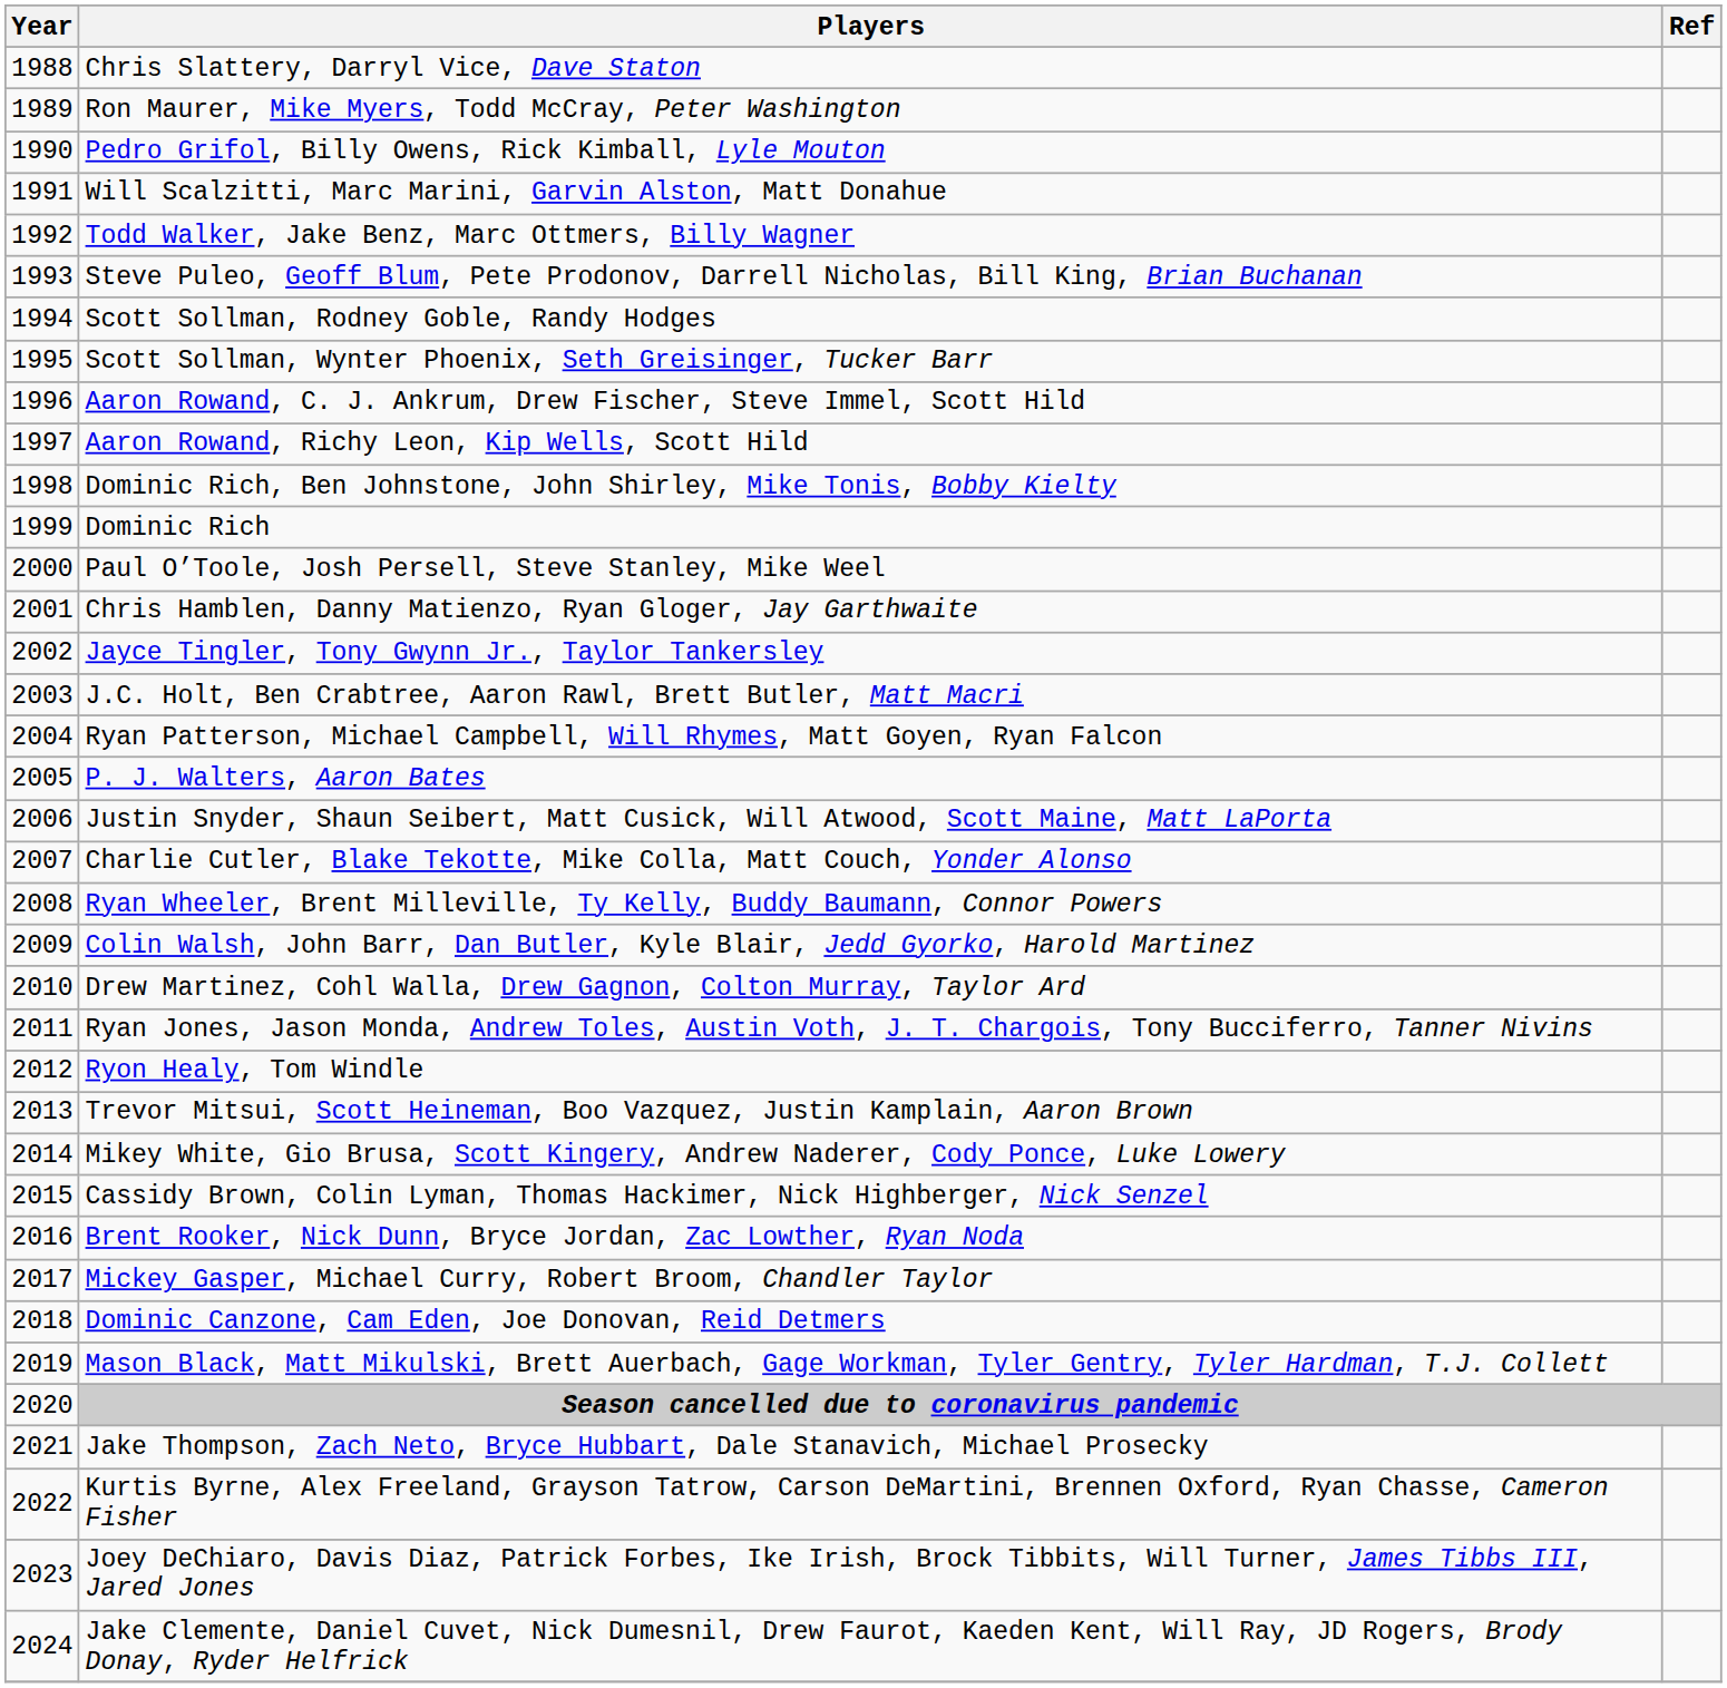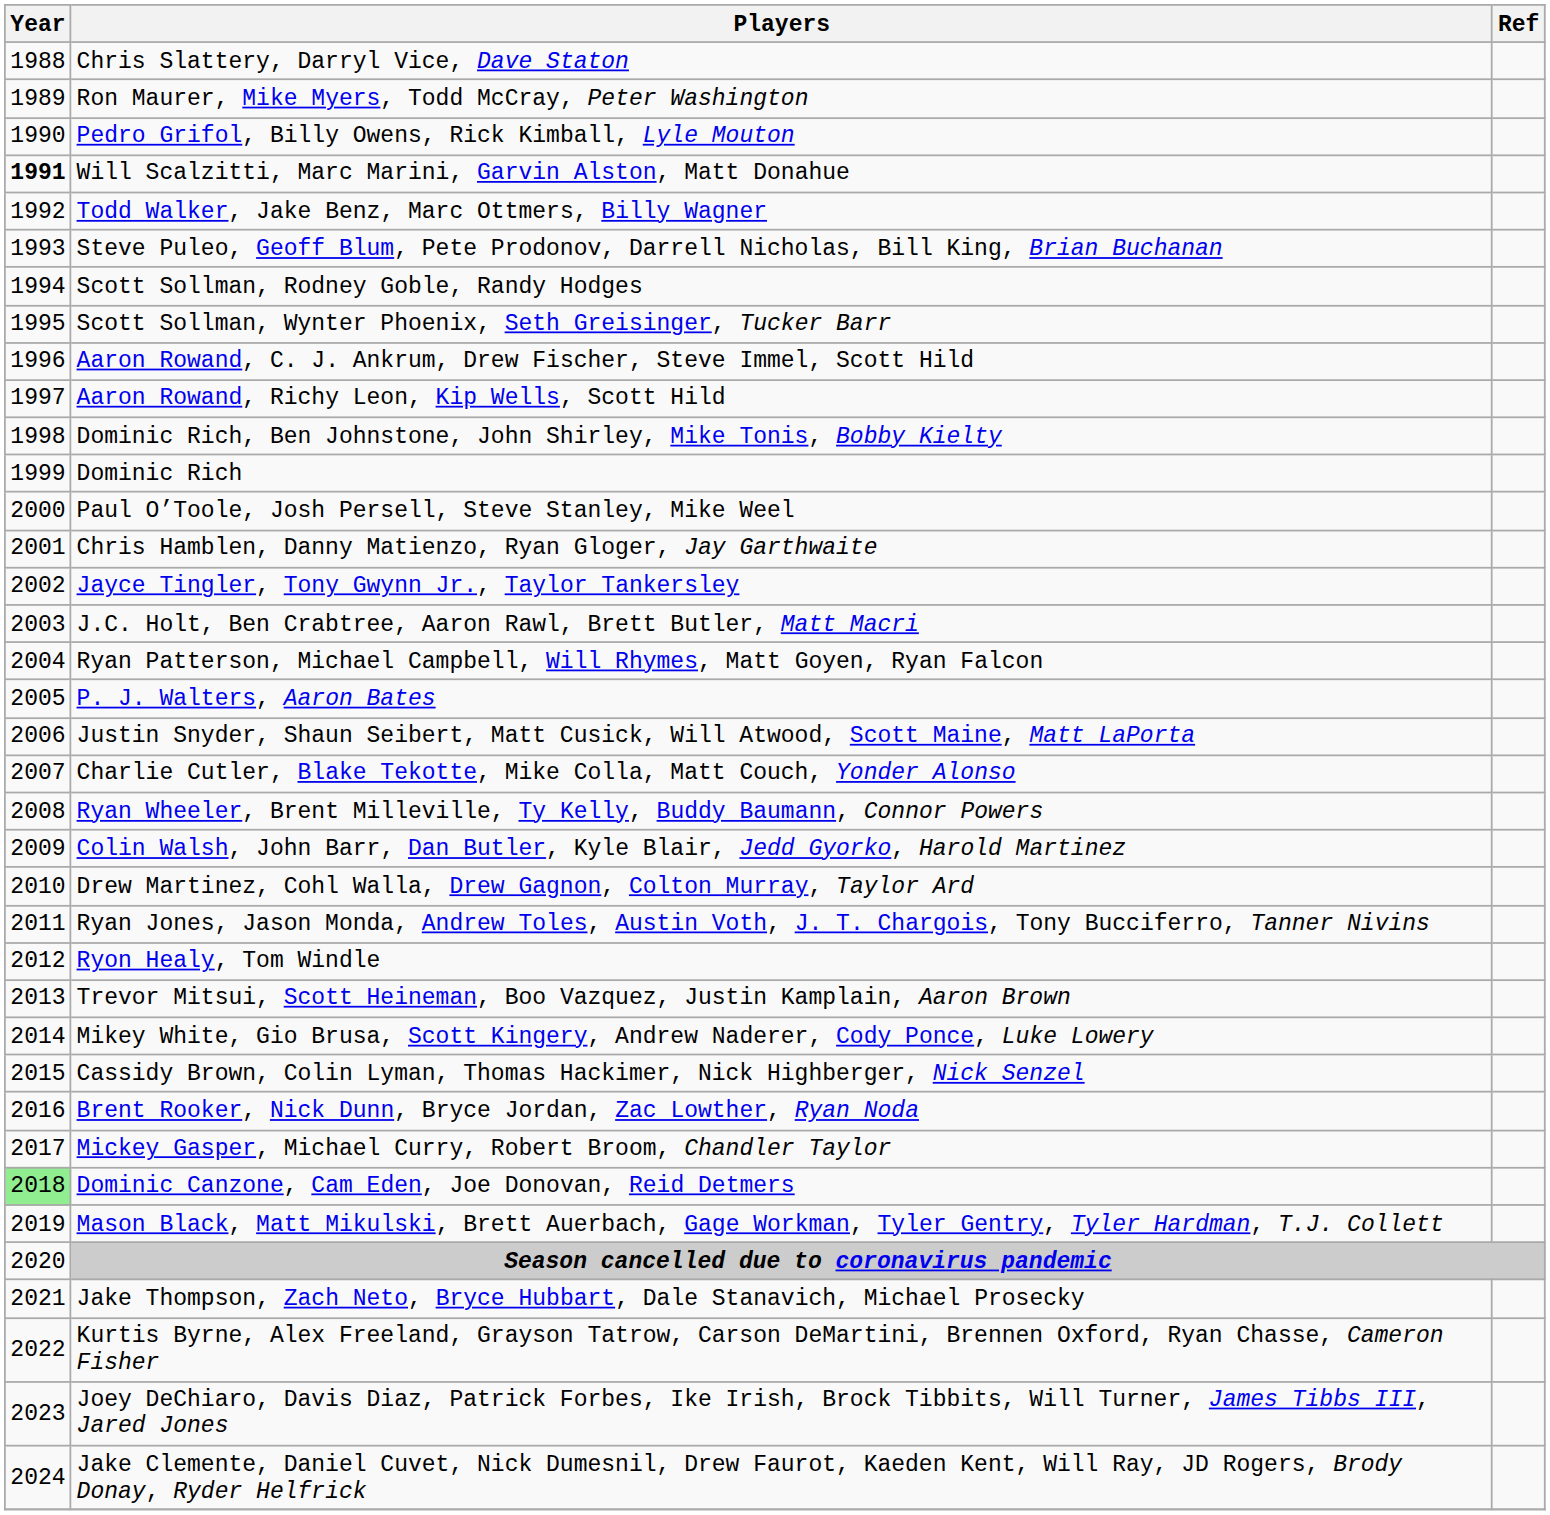 <table class="wikitable" style="text-align:center">
 <tr>
 <th scope="col">Year</th>
 <th scope="col">Players</th>
 <th scope="col">Ref</th>
 </tr>
 <tr>
 <td>1988</td>
 <td style="text-align:left">Chris Slattery, Darryl Vice, <em><a href='#'>Dave Staton</a></em></td>
 <td></td>
 </tr>
 <tr>
 <td>1989</td>
 <td style="text-align:left">Ron Maurer, <a href='#'>Mike Myers</a>, Todd McCray, <em>Peter Washington</em></td>
 <td></td>
 </tr>
 <tr>
 <td>1990</td>
 <td style="text-align:left"><a href='#'>Pedro Grifol</a>, Billy Owens, Rick Kimball, <em><a href='#'>Lyle Mouton</a></em></td>
 <td></td>
 </tr>
 <tr>
-<td>1991</td>
+<td><strong>1991</strong></td>
 <td style="text-align:left">Will Scalzitti, Marc Marini, <a href='#'>Garvin Alston</a>, Matt Donahue</td>
 <td></td>
 </tr>
 <tr>
 <td>1992</td>
 <td style="text-align:left"><a href='#'>Todd Walker</a>, Jake Benz, Marc Ottmers, <a href='#'>Billy Wagner</a></td>
 <td></td>
 </tr>
 <tr>
 <td>1993</td>
 <td style="text-align:left">Steve Puleo, <a href='#'>Geoff Blum</a>, Pete Prodonov, Darrell Nicholas, Bill King, <em><a href='#'>Brian Buchanan</a></em></td>
 <td></td>
 </tr>
 <tr>
 <td>1994</td>
 <td style="text-align:left">Scott Sollman, Rodney Goble, Randy Hodges</td>
 <td></td>
 </tr>
 <tr>
 <td>1995</td>
 <td style="text-align:left">Scott Sollman, Wynter Phoenix, <a href='#'>Seth Greisinger</a>, <em>Tucker Barr</em></td>
 <td></td>
 </tr>
 <tr>
 <td>1996</td>
 <td style="text-align:left"><a href='#'>Aaron Rowand</a>, C. J. Ankrum, Drew Fischer, Steve Immel, Scott Hild</td>
 <td></td>
 </tr>
 <tr>
 <td>1997</td>
 <td style="text-align:left"><a href='#'>Aaron Rowand</a>, Richy Leon, <a href='#'>Kip Wells</a>, Scott Hild</td>
 <td></td>
 </tr>
 <tr>
 <td>1998</td>
 <td style="text-align:left">Dominic Rich, Ben Johnstone, John Shirley, <a href='#'>Mike Tonis</a>, <em><a href='#'>Bobby Kielty</a></em></td>
 <td></td>
 </tr>
 <tr>
 <td>1999</td>
 <td style="text-align:left">Dominic Rich</td>
 <td></td>
 </tr>
 <tr>
 <td>2000</td>
 <td style="text-align:left">Paul O’Toole, Josh Persell, Steve Stanley, Mike Weel</td>
 <td></td>
 </tr>
 <tr>
 <td>2001</td>
 <td style="text-align:left">Chris Hamblen, Danny Matienzo, Ryan Gloger, <em>Jay Garthwaite</em></td>
 <td></td>
 </tr>
 <tr>
 <td>2002</td>
 <td style="text-align:left"><a href='#'>Jayce Tingler</a>, <a href='#'>Tony Gwynn Jr.</a>, <a href='#'>Taylor Tankersley</a></td>
 <td></td>
 </tr>
 <tr>
 <td>2003</td>
 <td style="text-align:left">J.C. Holt, Ben Crabtree, Aaron Rawl, Brett Butler, <em><a href='#'>Matt Macri</a></em></td>
 <td></td>
 </tr>
 <tr>
 <td>2004</td>
 <td style="text-align:left">Ryan Patterson, Michael Campbell, <a href='#'>Will Rhymes</a>, Matt Goyen, Ryan Falcon</td>
 <td></td>
 </tr>
 <tr>
 <td>2005</td>
 <td style="text-align:left"><a href='#'>P. J. Walters</a>, <em><a href='#'>Aaron Bates</a></em></td>
 <td></td>
 </tr>
 <tr>
 <td>2006</td>
 <td style="text-align:left">Justin Snyder, Shaun Seibert, Matt Cusick, Will Atwood, <a href='#'>Scott Maine</a>, <em><a href='#'>Matt LaPorta</a></em></td>
 <td></td>
 </tr>
 <tr>
 <td>2007</td>
 <td style="text-align:left">Charlie Cutler, <a href='#'>Blake Tekotte</a>, Mike Colla, Matt Couch, <em><a href='#'>Yonder Alonso</a></em></td>
 <td></td>
 </tr>
 <tr>
 <td>2008</td>
 <td style="text-align:left"><a href='#'>Ryan Wheeler</a>, Brent Milleville, <a href='#'>Ty Kelly</a>, <a href='#'>Buddy Baumann</a>, <em>Connor Powers</em></td>
 <td></td>
 </tr>
 <tr>
 <td>2009</td>
 <td style="text-align:left"><a href='#'>Colin Walsh</a>, John Barr, <a href='#'>Dan Butler</a>, Kyle Blair, <em><a href='#'>Jedd Gyorko</a></em>, <em>Harold Martinez</em></td>
 <td></td>
 </tr>
 <tr>
 <td>2010</td>
 <td style="text-align:left">Drew Martinez, Cohl Walla, <a href='#'>Drew Gagnon</a>, <a href='#'>Colton Murray</a>, <em>Taylor Ard</em></td>
 <td></td>
 </tr>
 <tr>
 <td>2011</td>
 <td style="text-align:left">Ryan Jones, Jason Monda, <a href='#'>Andrew Toles</a>, <a href='#'>Austin Voth</a>, <a href='#'>J. T. Chargois</a>, Tony Bucciferro, <em>Tanner Nivins</em></td>
 <td></td>
 </tr>
 <tr>
 <td>2012</td>
 <td style="text-align:left"><a href='#'>Ryon Healy</a>, Tom Windle</td>
 <td></td>
 </tr>
 <tr>
 <td>2013</td>
 <td style="text-align:left">Trevor Mitsui, <a href='#'>Scott Heineman</a>, Boo Vazquez, Justin Kamplain, <em>Aaron Brown</em></td>
 <td></td>
 </tr>
 <tr>
 <td>2014</td>
 <td style="text-align:left">Mikey White, Gio Brusa, <a href='#'>Scott Kingery</a>, Andrew Naderer, <a href='#'>Cody Ponce</a>, <em>Luke Lowery</em></td>
 <td></td>
 </tr>
 <tr>
 <td>2015</td>
 <td style="text-align:left">Cassidy Brown, Colin Lyman, Thomas Hackimer, Nick Highberger, <em><a href='#'>Nick Senzel</a></em></td>
 <td></td>
 </tr>
 <tr>
 <td>2016</td>
 <td style="text-align:left"><a href='#'>Brent Rooker</a>, <a href='#'>Nick Dunn</a>, Bryce Jordan, <a href='#'>Zac Lowther</a>, <em><a href='#'>Ryan Noda</a></em></td>
 <td></td>
 </tr>
 <tr>
 <td>2017</td>
 <td style="text-align:left"><a href='#'>Mickey Gasper</a>, Michael Curry, Robert Broom, <em>Chandler Taylor</em></td>
 <td></td>
 </tr>
 <tr>
-<td>2018</td>
+<td style="background: lightgreen;">2018</td>
 <td style="text-align:left"><a href='#'>Dominic Canzone</a>, <a href='#'>Cam Eden</a>, Joe Donovan, <a href='#'>Reid Detmers</a></td>
 <td></td>
 </tr>
 <tr>
 <td>2019</td>
 <td style="text-align:left"><a href='#'>Mason Black</a>, <a href='#'>Matt Mikulski</a>, Brett Auerbach, <a href='#'>Gage Workman</a>, <a href='#'>Tyler Gentry</a>, <em><a href='#'>Tyler Hardman</a></em>, <em>T.J. Collett</em></td>
 <td></td>
 </tr>
 <tr>
 <td>2020</td>
 <td colspan="2" align="center" bgcolor=#cccccc><strong><em>Season cancelled due to <a href='#'>coronavirus pandemic</a></em></strong></td>
 </tr>
 <tr>
 <td>2021</td>
 <td style="text-align:left">Jake Thompson, <a href='#'>Zach Neto</a>, <a href='#'>Bryce Hubbart</a>, Dale Stanavich, Michael Prosecky</td>
 <td></td>
 </tr>
 <tr>
 <td>2022</td>
 <td style="text-align:left">Kurtis Byrne, Alex Freeland, Grayson Tatrow, Carson DeMartini, Brennen Oxford, Ryan Chasse, <em>Cameron Fisher</em></td>
 <td></td>
 </tr>
 <tr>
 <td>2023</td>
 <td style="text-align:left">Joey DeChiaro, Davis Diaz, Patrick Forbes, Ike Irish, Brock Tibbits, Will Turner, <em><a href='#'>James Tibbs III</a></em>, <em>Jared Jones</em></td>
 <td></td>
 </tr>
 <tr>
 <td>2024</td>
 <td style="text-align:left">Jake Clemente, Daniel Cuvet, Nick Dumesnil, Drew Faurot, Kaeden Kent, Will Ray, JD Rogers, <em>Brody Donay</em>, <em>Ryder Helfrick</em></td>
 <td></td>
 </tr>
 <tr>
 </tr>
 </table>
